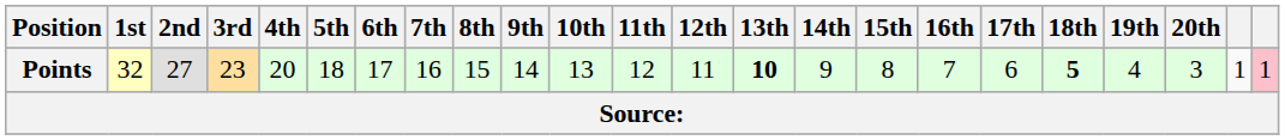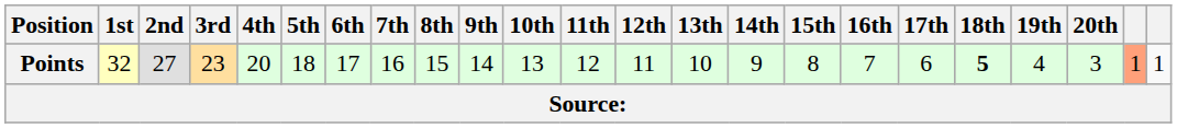 <table class="wikitable" style="font-size:85%; text-align:center;">
 <tr>
 <th>Position</th>
 <th>1st</th>
 <th>2nd</th>
 <th>3rd</th>
 <th>4th</th>
 <th>5th</th>
 <th>6th</th>
 <th>7th</th>
 <th>8th</th>
 <th>9th</th>
 <th>10th</th>
 <th>11th</th>
 <th>12th</th>
 <th>13th</th>
 <th>14th</th>
 <th>15th</th>
 <th>16th</th>
 <th>17th</th>
 <th>18th</th>
 <th>19th</th>
 <th>20th</th>
 <th></th>
 <th></th>
 </tr>
 <tr>
 <th>Points</th>
 <td style="background:#ffffbf;">32</td>
 <td style="background:#dfdfdf;">27</td>
 <td style="background:#ffdf9f;">23</td>
 <td style="background:#dfffdf;">20</td>
 <td style="background:#dfffdf;">18</td>
 <td style="background:#dfffdf;">17</td>
 <td style="background:#dfffdf;">16</td>
 <td style="background:#dfffdf;">15</td>
 <td style="background:#dfffdf;">14</td>
 <td style="background:#dfffdf;">13</td>
 <td style="background:#dfffdf;">12</td>
 <td style="background:#dfffdf;">11</td>
-<td style="background:#dfffdf;"><strong>10</strong></td>
+<td style="background:#dfffdf;">10</td>
 <td style="background:#dfffdf;">9</td>
 <td style="background:#dfffdf;">8</td>
 <td style="background:#dfffdf;">7</td>
 <td style="background:#dfffdf;">6</td>
 <td style="background:#dfffdf;"><strong>5</strong></td>
 <td style="background:#dfffdf;">4</td>
 <td style="background:#dfffdf;">3</td>
+<td style="background: lightsalmon;">1</td>
 <td>1</td>
-<td style="background: pink;">1</td>
 </tr>
 <tr>
 <th colspan="23">Source:</th>
 </tr>
 </table>
